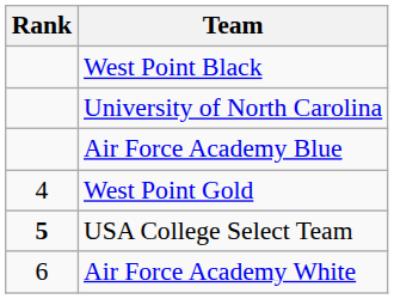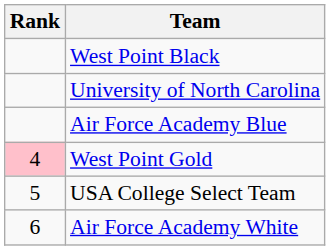 <table class="wikitable">
 <tr>
 <th>Rank</th>
 <th>Team</th>
 </tr>
 <tr>
 <td align=center></td>
 <td align="left"><a href='#'>West Point Black</a></td>
 </tr>
 <tr>
 <td align=center></td>
 <td align="left"><a href='#'>University of North Carolina</a></td>
 </tr>
 <tr>
 <td align=center></td>
 <td align="left"><a href='#'>Air Force Academy Blue</a></td>
 </tr>
 <tr>
-<td align=center>4</td>
+<td align=center style="background: pink;">4</td>
 <td align="left"><a href='#'>West Point Gold</a></td>
 </tr>
 <tr>
-<td align=center><strong>5</strong></td>
+<td align=center>5</td>
 <td align="left">USA College Select Team</td>
 </tr>
 <tr>
 <td align=center>6</td>
 <td align="left"><a href='#'>Air Force Academy White</a></td>
 </tr>
 </table>
